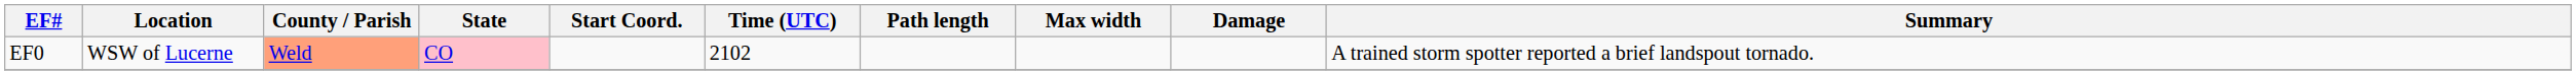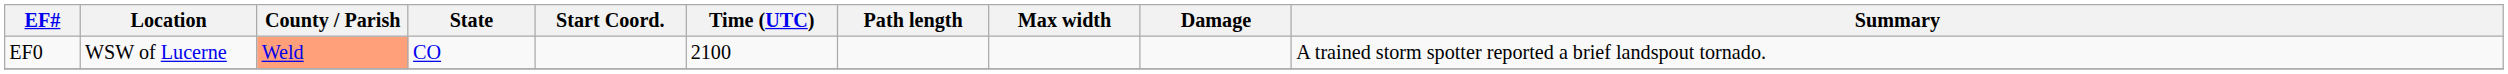 <table class="wikitable sortable" style="width:100%;">
 <tr>
 <th scope="col" width="3%" align="center"><a href='#'>EF#</a></th>
 <th scope="col" width="7%" align="center" class="unsortable">Location</th>
 <th scope="col" width="6%" align="center" class="unsortable">County / Parish</th>
 <th scope="col" width="5%" align="center">State</th>
 <th scope="col" width="6%" align="center">Start Coord.</th>
 <th scope="col" width="6%" align="center">Time (<a href='#'>UTC</a>)</th>
 <th scope="col" width="6%" align="center">Path length</th>
 <th scope="col" width="6%" align="center">Max width</th>
 <th scope="col" width="6%" align="center">Damage</th>
 <th scope="col" width="48%" class="unsortable" align="center">Summary</th>
 </tr>
 <tr>
 <td>EF0</td>
 <td>WSW of <a href='#'>Lucerne</a></td>
 <td style="background: lightsalmon;"><a href='#'>Weld</a></td>
-<td style="background: pink;"><a href='#'>CO</a></td>
+<td><a href='#'>CO</a></td>
 <td></td>
-<td>2102</td>
+<td>2100</td>
 <td></td>
 <td></td>
 <td></td>
 <td>A trained storm spotter reported a brief landspout tornado.</td>
 </tr>
 <tr>
 </tr>
 </table>
